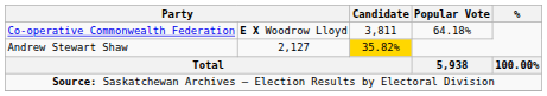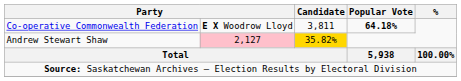 <table class="wikitable">
 <tr>
 <th colspan="2">Party</th>
 <th>Candidate</th>
 <th>Popular Vote</th>
 <th>%</th>
 </tr>
 <tr>
 <td><a href='#'>Co-operative Commonwealth Federation</a></td>
 <td><strong>E</strong> <strong>X</strong> Woodrow Lloyd</td>
 <td align=center>3,811</td>
-<td align=center>64.18%</td>
+<td align=center><strong>64.18%</strong></td>
 </tr>
 <tr>
 <td>Andrew Stewart Shaw</td>
-<td align=center>2,127</td>
+<td align=center style="background: pink;">2,127</td>
 <td align=center style="background: gold;">35.82%</td>
 </tr>
 <tr>
 <th colspan=3>Total</th>
 <th>5,938</th>
 <th>100.00%</th>
 </tr>
 <tr>
 <td align="center" colspan=5><strong>Source:</strong>  Saskatchewan Archives  — Election Results by Electoral Division</td>
 </tr>
 <tr>
 </tr>
 </table>
